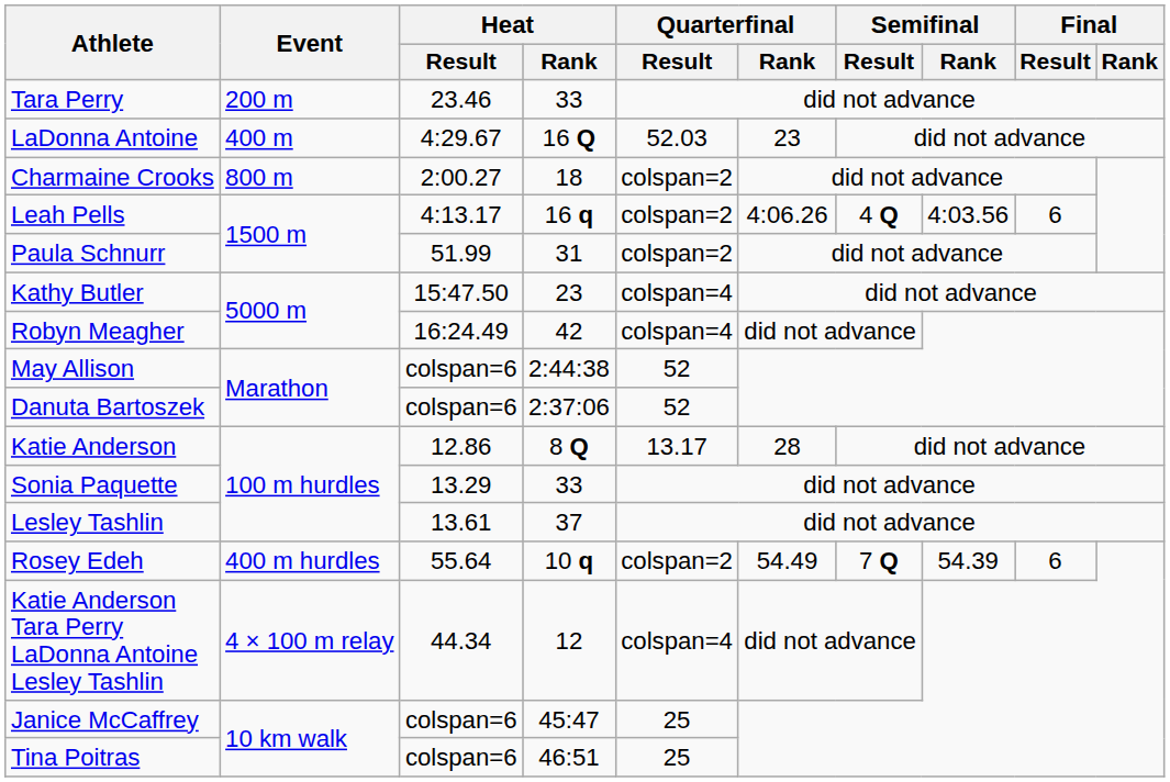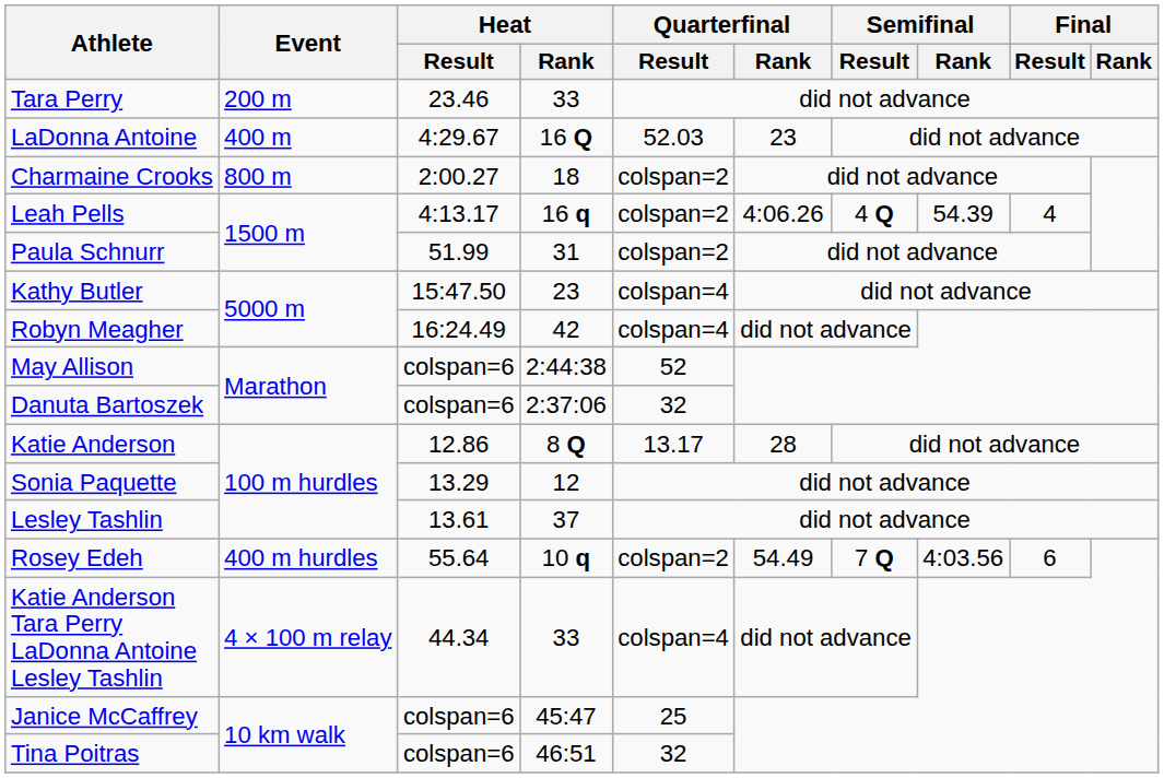 <table class="wikitable" style="font-size:90%">
 <tr>
 <th rowspan="2">Athlete</th>
 <th rowspan="2">Event</th>
 <th colspan="2">Heat</th>
 <th colspan="2">Quarterfinal</th>
 <th colspan="2">Semifinal</th>
 <th colspan="2">Final</th>
 </tr>
 <tr style="font-size:95%">
 <th>Result</th>
 <th>Rank</th>
 <th>Result</th>
 <th>Rank</th>
 <th>Result</th>
 <th>Rank</th>
 <th>Result</th>
 <th>Rank</th>
 </tr>
 <tr align=center>
 <td align=left><a href='#'>Tara Perry</a></td>
 <td align=left><a href='#'>200 m</a></td>
 <td>23.46</td>
 <td>33</td>
 <td colspan=6>did not advance</td>
 </tr>
 <tr align=center>
 <td align=left><a href='#'>LaDonna Antoine</a></td>
 <td align=left><a href='#'>400 m</a></td>
 <td>4:29.67</td>
 <td>16 <strong>Q</strong></td>
 <td>52.03</td>
 <td>23</td>
 <td colspan=4>did not advance</td>
 </tr>
 <tr align=center>
 <td align=left><a href='#'>Charmaine Crooks</a></td>
 <td align=left><a href='#'>800 m</a></td>
 <td>2:00.27</td>
 <td>18</td>
 <td>colspan=2 </td>
 <td colspan=4>did not advance</td>
 </tr>
 <tr align=center>
 <td align=left><a href='#'>Leah Pells</a></td>
 <td rowspan=2 align=left><a href='#'>1500 m</a></td>
 <td>4:13.17</td>
 <td>16 <strong>q</strong></td>
 <td>colspan=2 </td>
 <td>4:06.26</td>
 <td>4 <strong>Q</strong></td>
-<td>4:03.56</td>
-<td>6</td>
+<td>54.39</td>
+<td>4</td>
 </tr>
 <tr align=center>
 <td align=left><a href='#'>Paula Schnurr</a></td>
 <td>51.99</td>
 <td>31</td>
 <td>colspan=2 </td>
 <td colspan=4>did not advance</td>
 </tr>
 <tr align=center>
 <td align=left><a href='#'>Kathy Butler</a></td>
 <td rowspan=2 align=left><a href='#'>5000 m</a></td>
 <td>15:47.50</td>
 <td>23</td>
 <td>colspan=4 </td>
 <td colspan=6>did not advance</td>
 </tr>
 <tr align=center>
 <td align=left><a href='#'>Robyn Meagher</a></td>
 <td>16:24.49</td>
 <td>42</td>
 <td>colspan=4 </td>
 <td colspan=2>did not advance</td>
 </tr>
 <tr align=center>
 <td align=left><a href='#'>May Allison</a></td>
 <td rowspan=2 align=left><a href='#'>Marathon</a></td>
 <td>colspan=6 </td>
 <td>2:44:38</td>
 <td>52</td>
 </tr>
 <tr align=center>
 <td align=left><a href='#'>Danuta Bartoszek</a></td>
 <td>colspan=6 </td>
 <td>2:37:06</td>
-<td>52</td>
+<td>32</td>
 </tr>
 <tr align=center>
 <td align=left><a href='#'>Katie Anderson</a></td>
 <td rowspan=3 align=left><a href='#'>100 m hurdles</a></td>
 <td>12.86</td>
 <td>8 <strong>Q</strong></td>
 <td>13.17</td>
 <td>28</td>
 <td colspan=4>did not advance</td>
 </tr>
 <tr align=center>
 <td align=left><a href='#'>Sonia Paquette</a></td>
 <td>13.29</td>
-<td>33</td>
+<td>12</td>
 <td colspan=6>did not advance</td>
 </tr>
 <tr align=center>
 <td align=left><a href='#'>Lesley Tashlin</a></td>
 <td>13.61</td>
 <td>37</td>
 <td colspan=6>did not advance</td>
 </tr>
 <tr align=center>
 <td align=left><a href='#'>Rosey Edeh</a></td>
 <td align=left><a href='#'>400 m hurdles</a></td>
 <td>55.64</td>
 <td>10 <strong>q</strong></td>
 <td>colspan=2 </td>
 <td>54.49</td>
 <td>7 <strong>Q</strong></td>
-<td>54.39</td>
+<td>4:03.56</td>
 <td>6</td>
 </tr>
 <tr align=center>
 <td align=left><a href='#'>Katie Anderson</a><br><a href='#'>Tara Perry</a><br><a href='#'>LaDonna Antoine</a><br><a href='#'>Lesley Tashlin</a></td>
 <td align=left><a href='#'>4 × 100 m relay</a></td>
 <td>44.34</td>
-<td>12</td>
+<td>33</td>
 <td>colspan=4 </td>
 <td colspan=2>did not advance</td>
 </tr>
 <tr align=center>
 <td align=left><a href='#'>Janice McCaffrey</a></td>
 <td rowspan=2 align=left><a href='#'>10 km walk</a></td>
 <td>colspan=6 </td>
 <td>45:47</td>
 <td>25</td>
 </tr>
 <tr align=center>
 <td align=left><a href='#'>Tina Poitras</a></td>
 <td>colspan=6 </td>
 <td>46:51</td>
-<td>25</td>
+<td>32</td>
 </tr>
 </table>
